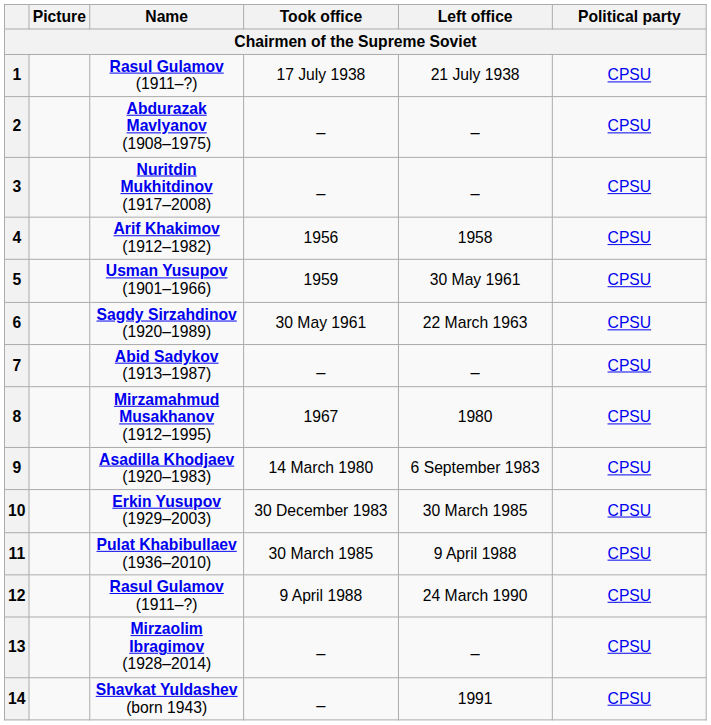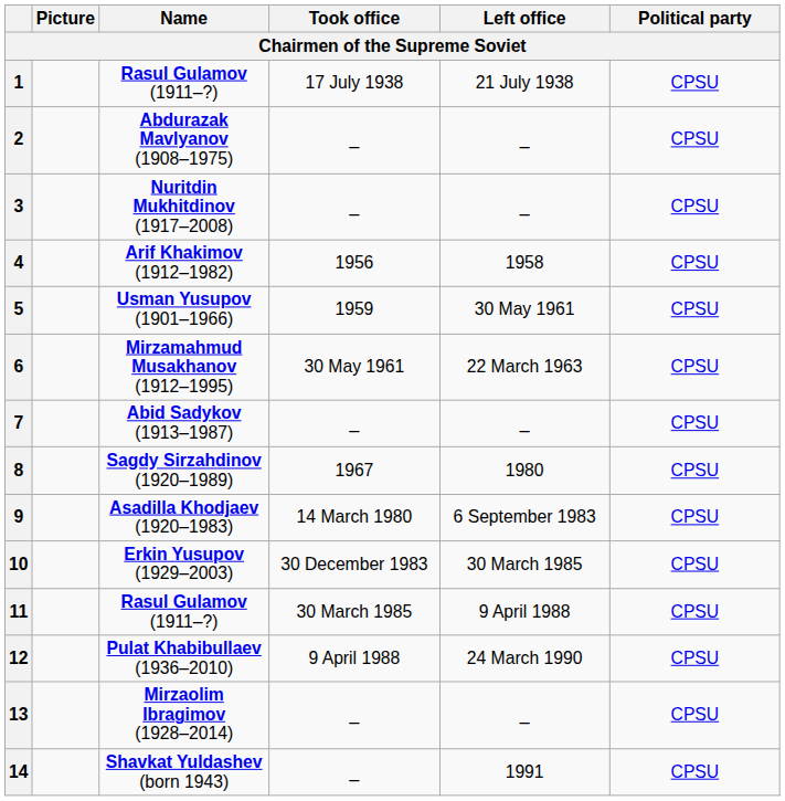 <table class="wikitable" style="text-align:center">
 <tr>
 <th></th>
 <th>Picture</th>
 <th width="150">Name<br></th>
 <th width="150">Took office</th>
 <th width="150">Left office</th>
 <th width="150">Political party</th>
 </tr>
 <tr>
 <th colspan="6" align="center">Chairmen of the Supreme Soviet</th>
 </tr>
 <tr>
 <th style="background:">1</th>
 <td></td>
 <td><strong><a href='#'>Rasul Gulamov</a></strong><br>(1911–?)</td>
 <td>17 July 1938</td>
 <td>21 July 1938</td>
 <td><a href='#'>CPSU</a></td>
 </tr>
 <tr>
 <th style="background:">2</th>
 <td></td>
 <td><strong><a href='#'>Abdurazak Mavlyanov</a></strong><br>(1908–1975)</td>
 <td>_</td>
 <td>_</td>
 <td><a href='#'>CPSU</a></td>
 </tr>
 <tr>
 <th style="background:">3</th>
 <td></td>
 <td><strong><a href='#'>Nuritdin Mukhitdinov</a></strong><br>(1917–2008)</td>
 <td>_</td>
 <td>_</td>
 <td><a href='#'>CPSU</a></td>
 </tr>
 <tr>
 <th style="background:">4</th>
 <td></td>
 <td><strong><a href='#'>Arif Khakimov</a></strong><br>(1912–1982)</td>
 <td>1956</td>
 <td>1958</td>
 <td><a href='#'>CPSU</a></td>
 </tr>
 <tr>
 <th style="background:">5</th>
 <td></td>
 <td><strong><a href='#'>Usman Yusupov</a></strong><br>(1901–1966)</td>
 <td>1959</td>
 <td>30 May 1961</td>
 <td><a href='#'>CPSU</a></td>
 </tr>
 <tr>
 <th style="background:">6</th>
 <td></td>
-<td><strong><a href='#'>Sagdy Sirzahdinov</a></strong><br>(1920–1989)</td>
+<td><strong><a href='#'>Mirzamahmud Musakhanov</a></strong><br>(1912–1995)</td>
 <td>30 May 1961</td>
 <td>22 March 1963</td>
 <td><a href='#'>CPSU</a></td>
 </tr>
 <tr>
 <th style="background:">7</th>
 <td></td>
 <td><strong><a href='#'>Abid Sadykov</a></strong><br>(1913–1987)</td>
 <td>_</td>
 <td>_</td>
 <td><a href='#'>CPSU</a></td>
 </tr>
 <tr>
 <th style="background:">8</th>
 <td></td>
-<td><strong><a href='#'>Mirzamahmud Musakhanov</a></strong><br>(1912–1995)</td>
+<td><strong><a href='#'>Sagdy Sirzahdinov</a></strong><br>(1920–1989)</td>
 <td>1967</td>
 <td>1980</td>
 <td><a href='#'>CPSU</a></td>
 </tr>
 <tr>
 <th style="background:">9</th>
 <td></td>
 <td><strong><a href='#'>Asadilla Khodjaev</a></strong><br>(1920–1983)</td>
 <td>14 March 1980</td>
 <td>6 September 1983</td>
 <td><a href='#'>CPSU</a></td>
 </tr>
 <tr>
 <th style="background:">10</th>
 <td></td>
 <td><strong><a href='#'>Erkin Yusupov</a></strong><br>(1929–2003)</td>
 <td>30 December 1983</td>
 <td>30 March 1985</td>
 <td><a href='#'>CPSU</a></td>
 </tr>
 <tr>
 <th style="background:">11</th>
 <td></td>
-<td><strong><a href='#'>Pulat Khabibullaev</a></strong><br>(1936–2010)</td>
+<td><strong><a href='#'>Rasul Gulamov</a></strong><br>(1911–?)</td>
 <td>30 March 1985</td>
 <td>9 April 1988</td>
 <td><a href='#'>CPSU</a></td>
 </tr>
 <tr>
 <th style="background:">12</th>
 <td></td>
-<td><strong><a href='#'>Rasul Gulamov</a></strong><br>(1911–?)</td>
+<td><strong><a href='#'>Pulat Khabibullaev</a></strong><br>(1936–2010)</td>
 <td>9 April 1988</td>
 <td>24 March 1990</td>
 <td><a href='#'>CPSU</a></td>
 </tr>
 <tr>
 <th style="background:">13</th>
 <td></td>
 <td><strong><a href='#'>Mirzaolim Ibragimov</a></strong><br>(1928–2014)</td>
 <td>_</td>
 <td>_</td>
 <td><a href='#'>CPSU</a></td>
 </tr>
 <tr>
 <th style="background:">14</th>
 <td></td>
 <td><strong><a href='#'>Shavkat Yuldashev</a></strong><br>(born 1943)</td>
 <td>_</td>
 <td>1991</td>
 <td><a href='#'>CPSU</a></td>
 </tr>
 </table>
